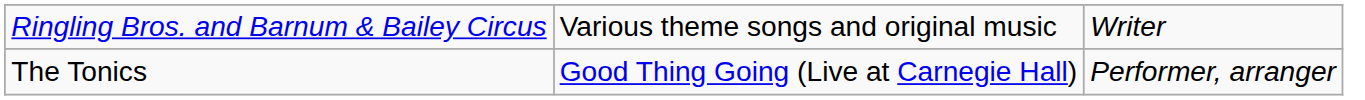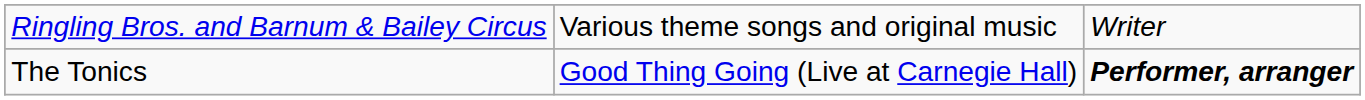 <table class="wikitable">
 <tr>
 <td><em><a href='#'>Ringling Bros. and Barnum & Bailey Circus</a></em></td>
 <td>Various theme songs and original music</td>
 <td><em>Writer</em></td>
 </tr>
 <tr>
 <td>The Tonics</td>
 <td><a href='#'>Good Thing Going</a> (Live at <a href='#'>Carnegie Hall</a>)</td>
-<td><em>Performer, arranger</em></td>
+<td><strong><em>Performer, arranger</em></strong></td>
 </tr>
 </table>
